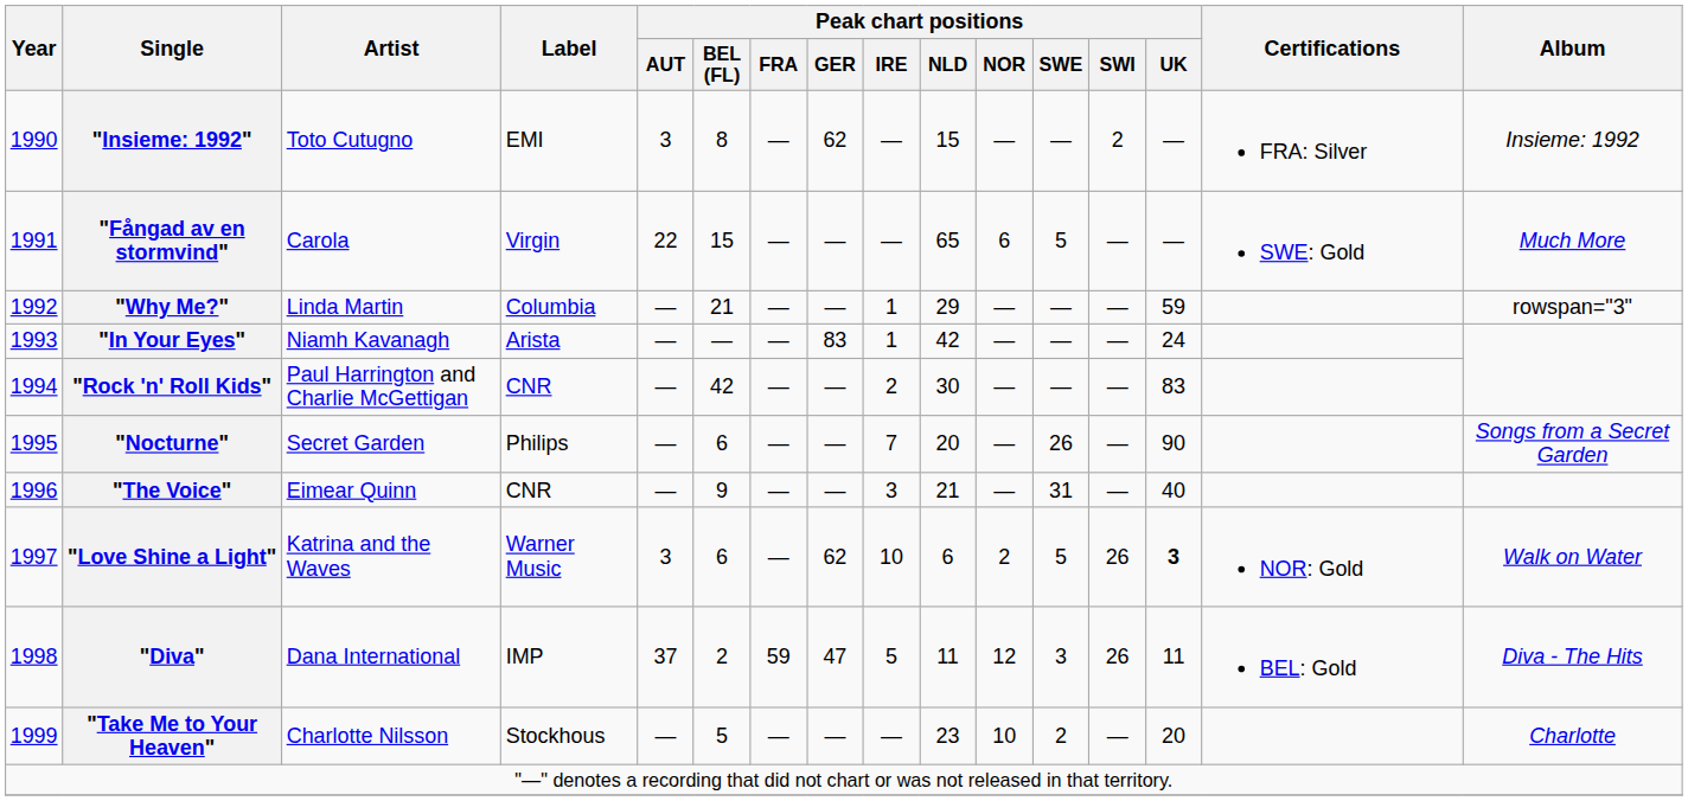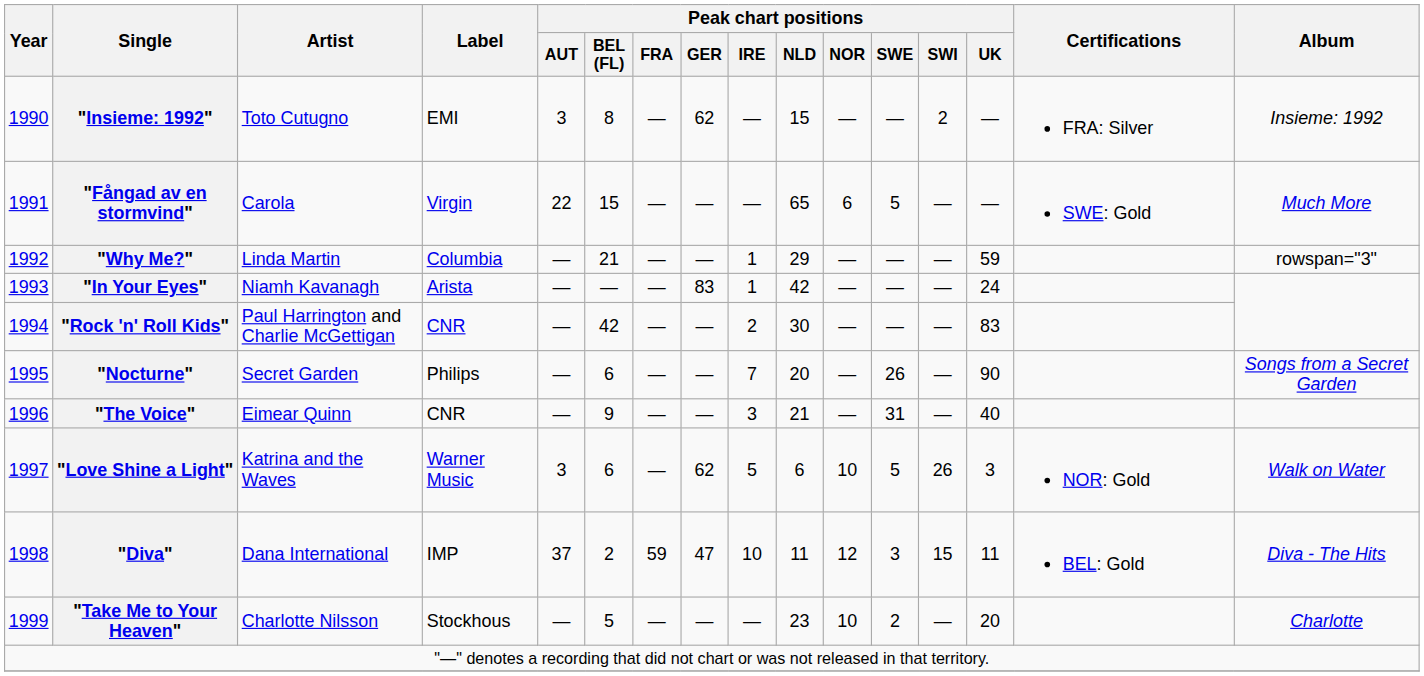 <table class="wikitable plainrowheaders" style="text-align:center;width:100%;">
 <tr>
 <th rowspan="2" style="width:35px;">Year</th>
 <th rowspan="2" style="width:10em;">Single</th>
 <th rowspan="2" style="width:10em;">Artist</th>
 <th rowspan="2" style="width:6em;">Label</th>
 <th colspan="10">Peak chart positions</th>
 <th rowspan="2" style="width:12em;">Certifications</th>
 <th rowspan="2" style="width:10em;">Album</th>
 </tr>
 <tr>
 <th scope="col" style="width:2.5em;font-size:90%;">AUT<br></th>
 <th scope="col" style="width:2.5em;font-size:90%;">BEL<br>(FL)<br></th>
 <th scope="col" style="width:2.5em;font-size:90%;">FRA<br></th>
 <th scope="col" style="width:2.5em;font-size:90%;">GER<br></th>
 <th scope="col" style="width:2.5em;font-size:90%;">IRE<br></th>
 <th scope="col" style="width:2.5em;font-size:90%;">NLD<br></th>
 <th scope="col" style="width:2.5em;font-size:90%;">NOR <br></th>
 <th scope="col" style="width:2.5em;font-size:90%;">SWE<br></th>
 <th scope="col" style="width:2.5em;font-size:90%;">SWI<br></th>
 <th scope="col" style="width:2.5em;font-size:90%;">UK<br></th>
 </tr>
 <tr>
 <td><a href='#'>1990</a></td>
 <th scope="row">"<a href='#'>Insieme: 1992</a>"</th>
 <td style="text-align:left;"><a href='#'>Toto Cutugno</a></td>
 <td style="text-align:left;">EMI</td>
 <td>3</td>
 <td>8</td>
 <td>—</td>
 <td>62</td>
 <td>—</td>
 <td>15</td>
 <td>—</td>
 <td>—</td>
 <td>2</td>
 <td>—</td>
 <td style="text-align:left;"><br><ul><li>FRA: Silver</li></ul></td>
 <td><em>Insieme: 1992</em></td>
 </tr>
 <tr>
 <td><a href='#'>1991</a></td>
 <th scope="row">"<a href='#'>Fångad av en stormvind</a>"</th>
 <td style="text-align:left;"><a href='#'>Carola</a></td>
 <td style="text-align:left;"><a href='#'>Virgin</a></td>
 <td>22</td>
 <td>15</td>
 <td>—</td>
 <td>—</td>
 <td>—</td>
 <td>65</td>
 <td>6</td>
 <td>5</td>
 <td>—</td>
 <td>—</td>
 <td style="text-align:left;"><br><ul><li><a href='#'>SWE</a>: Gold</li></ul></td>
 <td><em><a href='#'>Much More</a></em></td>
 </tr>
 <tr>
 <td><a href='#'>1992</a></td>
 <th scope="row">"<a href='#'>Why Me?</a>"</th>
 <td style="text-align:left;"><a href='#'>Linda Martin</a></td>
 <td style="text-align:left;"><a href='#'>Columbia</a></td>
 <td>—</td>
 <td>21</td>
 <td>—</td>
 <td>—</td>
 <td>1</td>
 <td>29</td>
 <td>—</td>
 <td>—</td>
 <td>—</td>
 <td>59</td>
 <td style="text-align:left;"></td>
 <td>rowspan="3" </td>
 </tr>
 <tr>
 <td><a href='#'>1993</a></td>
 <th scope="row">"<a href='#'>In Your Eyes</a>"</th>
 <td style="text-align:left;"><a href='#'>Niamh Kavanagh</a></td>
 <td style="text-align:left;"><a href='#'>Arista</a></td>
 <td>—</td>
 <td>—</td>
 <td>—</td>
 <td>83</td>
 <td>1</td>
 <td>42</td>
 <td>—</td>
 <td>—</td>
 <td>—</td>
 <td>24</td>
 <td style="text-align:left;"></td>
 </tr>
 <tr>
 <td><a href='#'>1994</a></td>
 <th scope="row">"<a href='#'>Rock 'n' Roll Kids</a>"</th>
 <td style="text-align:left;"><a href='#'>Paul Harrington</a> and <a href='#'>Charlie McGettigan</a></td>
 <td style="text-align:left;"><a href='#'>CNR</a></td>
 <td>—</td>
 <td>42</td>
 <td>—</td>
 <td>—</td>
 <td>2</td>
 <td>30</td>
 <td>—</td>
 <td>—</td>
 <td>—</td>
 <td>83</td>
 <td style="text-align:left;"></td>
 </tr>
 <tr>
 <td><a href='#'>1995</a></td>
 <th scope="row">"<a href='#'>Nocturne</a>"</th>
 <td style="text-align:left;"><a href='#'>Secret Garden</a></td>
 <td style="text-align:left;">Philips</td>
 <td>—</td>
 <td>6</td>
 <td>—</td>
 <td>—</td>
 <td>7</td>
 <td>20</td>
 <td>—</td>
 <td>26</td>
 <td>—</td>
 <td>90</td>
 <td style="text-align:left;"></td>
 <td><em><a href='#'>Songs from a Secret Garden</a></em></td>
 </tr>
 <tr>
 <td><a href='#'>1996</a></td>
 <th scope="row">"<a href='#'>The Voice</a>"</th>
 <td style="text-align:left;"><a href='#'>Eimear Quinn</a></td>
 <td style="text-align:left;">CNR</td>
 <td>—</td>
 <td>9</td>
 <td>—</td>
 <td>—</td>
 <td>3</td>
 <td>21</td>
 <td>—</td>
 <td>31</td>
 <td>—</td>
 <td>40</td>
 <td style="text-align:left;"></td>
 <td></td>
 </tr>
 <tr>
 <td><a href='#'>1997</a></td>
 <th scope="row">"<a href='#'>Love Shine a Light</a>"</th>
 <td style="text-align:left;"><a href='#'>Katrina and the Waves</a></td>
 <td style="text-align:left;"><a href='#'>Warner Music</a></td>
 <td>3</td>
 <td>6</td>
 <td>—</td>
 <td>62</td>
+<td>5</td>
+<td>6</td>
 <td>10</td>
-<td>6</td>
-<td>2</td>
 <td>5</td>
 <td>26</td>
-<td><strong>3</strong></td>
+<td>3</td>
 <td style="text-align:left;"><br><ul><li><a href='#'>NOR</a>: Gold</li></ul></td>
 <td><a href='#'><em>Walk on Water</em></a></td>
 </tr>
 <tr>
 <td><a href='#'>1998</a></td>
 <th scope="row">"<a href='#'>Diva</a>"</th>
 <td style="text-align:left;"><a href='#'>Dana International</a></td>
 <td style="text-align:left;">IMP</td>
 <td>37</td>
 <td>2</td>
 <td>59</td>
 <td>47</td>
-<td>5</td>
+<td>10</td>
 <td>11</td>
 <td>12</td>
 <td>3</td>
-<td>26</td>
+<td>15</td>
 <td>11</td>
 <td style="text-align:left;"><br><ul><li><a href='#'>BEL</a>: Gold</li></ul></td>
 <td><em><a href='#'>Diva - The Hits</a></em></td>
 </tr>
 <tr>
 <td><a href='#'>1999</a></td>
 <th scope="row">"<a href='#'>Take Me to Your Heaven</a>"</th>
 <td style="text-align:left;"><a href='#'>Charlotte Nilsson</a></td>
 <td style="text-align:left;">Stockhous</td>
 <td>—</td>
 <td>5</td>
 <td>—</td>
 <td>—</td>
 <td>—</td>
 <td>23</td>
 <td>10</td>
 <td>2</td>
 <td>—</td>
 <td>20</td>
 <td style="text-align:left;"></td>
 <td><em><a href='#'>Charlotte</a></em></td>
 </tr>
 <tr>
 <td colspan="16" style="font-size:90%">"—" denotes a recording that did not chart or was not released in that territory.</td>
 </tr>
 <tr>
 </tr>
 </table>
